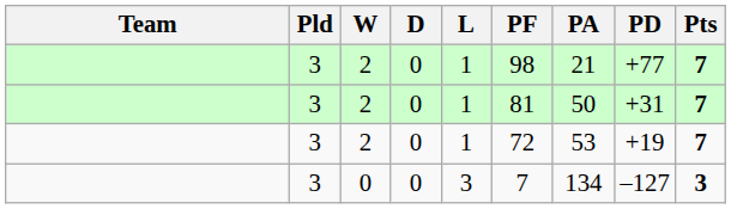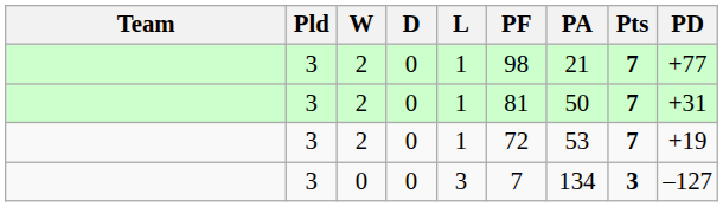 <table class="wikitable" style="text-align:center;">
 <tr>
 <th width=175>Team</th>
 <th width=25 abbr="Played">Pld</th>
 <th width=25 abbr="Won">W</th>
 <th width=25 abbr="Drawn">D</th>
 <th width=25 abbr="Lost">L</th>
 <th width=32 abbr="Points for">PF</th>
 <th width=32 abbr="Points against">PA</th>
+<th width=25 abbr="Points">Pts</th>
 <th width=32 abbr="Points difference">PD</th>
-<th width=25 abbr="Points">Pts</th>
 </tr>
 <tr bgcolor=#cfc>
 <td align=left></td>
 <td>3</td>
 <td>2</td>
 <td>0</td>
 <td>1</td>
 <td>98</td>
 <td>21</td>
+<td><strong>7</strong></td>
 <td>+77</td>
-<td><strong>7</strong></td>
 </tr>
 <tr bgcolor=#cfc>
 <td align=left></td>
 <td>3</td>
 <td>2</td>
 <td>0</td>
 <td>1</td>
 <td>81</td>
 <td>50</td>
+<td><strong>7</strong></td>
 <td>+31</td>
-<td><strong>7</strong></td>
 </tr>
 <tr>
 <td align=left></td>
 <td>3</td>
 <td>2</td>
 <td>0</td>
 <td>1</td>
 <td>72</td>
 <td>53</td>
+<td><strong>7</strong></td>
 <td>+19</td>
-<td><strong>7</strong></td>
 </tr>
 <tr>
 <td align=left></td>
 <td>3</td>
 <td>0</td>
 <td>0</td>
 <td>3</td>
 <td>7</td>
 <td>134</td>
+<td><strong>3</strong></td>
 <td>–127</td>
-<td><strong>3</strong></td>
 </tr>
 </table>
